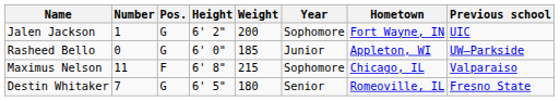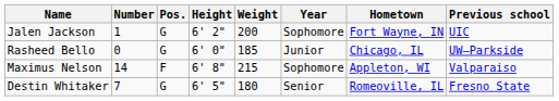 <table class="wikitable sortable" border="1">
 <tr>
 <th>Name</th>
 <th>Number</th>
 <th>Pos.</th>
 <th>Height</th>
 <th>Weight</th>
 <th>Year</th>
 <th>Hometown</th>
 <th>Previous school</th>
 </tr>
 <tr>
 <td>Jalen Jackson</td>
 <td>1</td>
 <td>G</td>
 <td>6' 2"</td>
 <td>200</td>
 <td>Sophomore</td>
 <td><a href='#'>Fort Wayne, IN</a></td>
 <td><a href='#'>UIC</a></td>
 </tr>
 <tr>
 <td>Rasheed Bello</td>
 <td>0</td>
 <td>G</td>
 <td>6' 0"</td>
 <td>185</td>
 <td>Junior</td>
-<td><a href='#'>Appleton, WI</a></td>
+<td><a href='#'>Chicago, IL</a></td>
 <td><a href='#'>UW–Parkside</a></td>
 </tr>
 <tr>
 <td>Maximus Nelson</td>
-<td>11</td>
+<td>14</td>
 <td>F</td>
 <td>6' 8"</td>
 <td>215</td>
 <td>Sophomore</td>
-<td><a href='#'>Chicago, IL</a></td>
+<td><a href='#'>Appleton, WI</a></td>
 <td><a href='#'>Valparaiso</a></td>
 </tr>
 <tr>
 <td>Destin Whitaker</td>
 <td>7</td>
 <td>G</td>
 <td>6' 5"</td>
 <td>180</td>
 <td>Senior</td>
 <td><a href='#'>Romeoville, IL</a></td>
 <td><a href='#'>Fresno State</a></td>
 </tr>
 </table>
